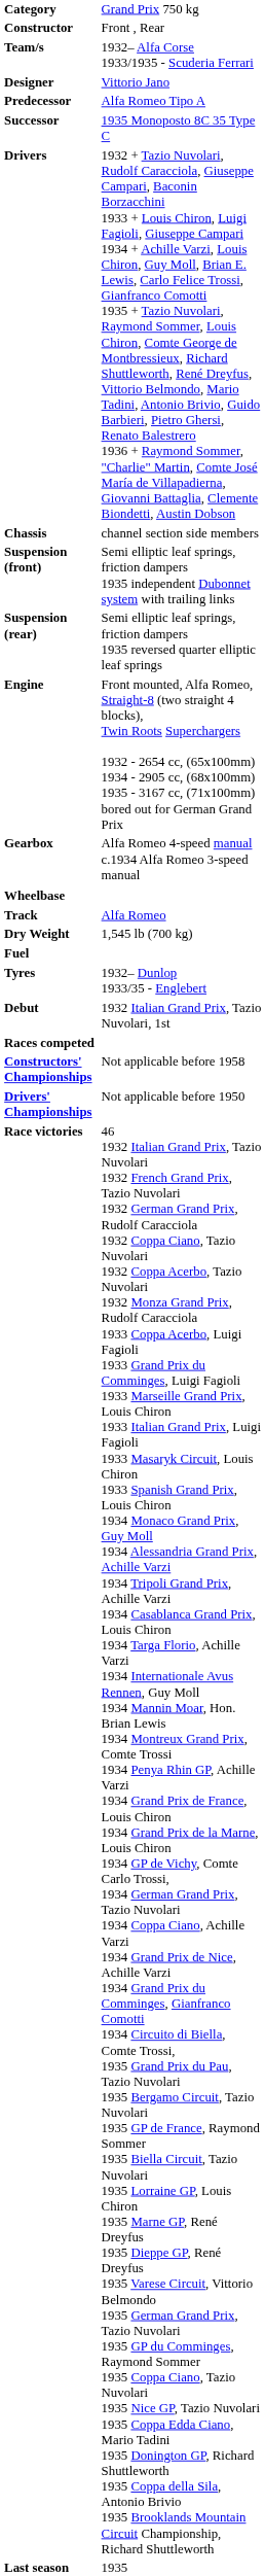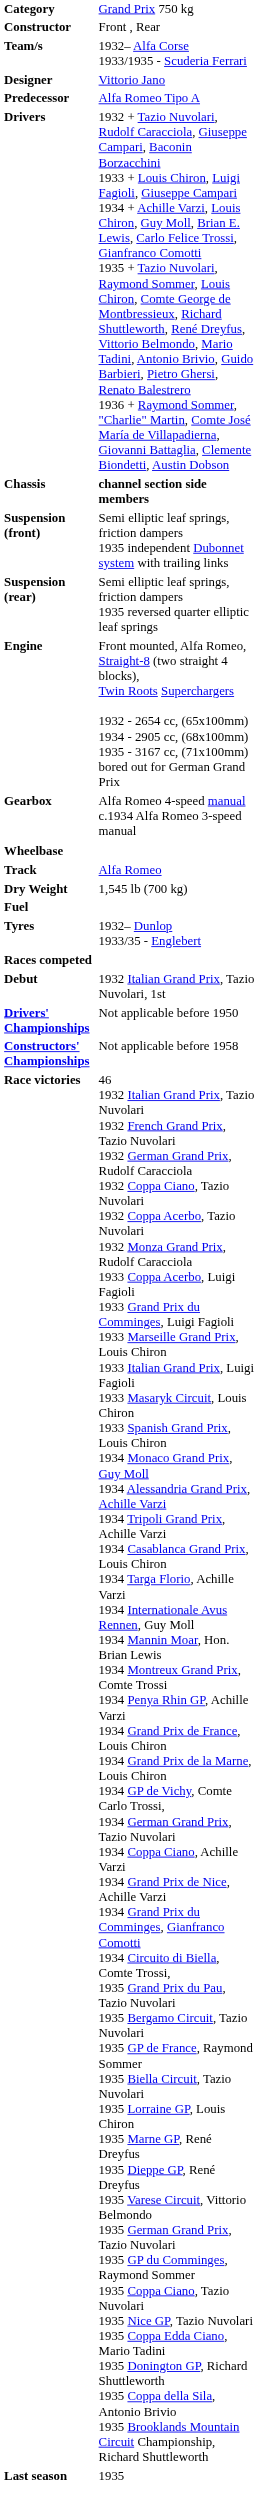 <table class="toccolours" style="float:right; margin-left:1em; width:20em; font-size:90%; text-align:left;">
 <tr style="vertical-align: top;">
 <td colspan="2" style="text-align:center;"></td>
 </tr>
 <tr style="vertical-align: top;">
 </tr>
 <tr style="vertical-align: top;">
 <th>Category</th>
 <td><a href='#'>Grand Prix</a> 750 kg</td>
 </tr>
 <tr style="vertical-align: top;">
 <th>Constructor</th>
 <td>Front , Rear </td>
 </tr>
 <tr style="vertical-align: top;">
 <th>Team/s</th>
 <td>1932– <a href='#'>Alfa Corse</a><br>1933/1935 - <a href='#'>Scuderia Ferrari</a></td>
 </tr>
 <tr style="vertical-align: top;">
 <th>Designer</th>
 <td><a href='#'>Vittorio Jano</a></td>
 </tr>
 <tr style="vertical-align: top;">
 <th>Predecessor</th>
 <td><a href='#'>Alfa Romeo Tipo A</a></td>
 </tr>
 <tr style="vertical-align: top;">
-<th>Successor</th>
-<td><a href='#'>1935 Monoposto 8C 35 Type C</a></td>
-</tr>
-<tr style="vertical-align: top;">
 <th>Drivers</th>
 <td>1932 + <a href='#'>Tazio Nuvolari</a>, <a href='#'>Rudolf Caracciola</a>, <a href='#'>Giuseppe Campari</a>, <a href='#'>Baconin Borzacchini</a><br>1933 + <a href='#'>Louis Chiron</a>, <a href='#'>Luigi Fagioli</a>, <a href='#'>Giuseppe Campari</a><br>1934 + <a href='#'>Achille Varzi</a>, <a href='#'>Louis Chiron</a>, <a href='#'>Guy Moll</a>, <a href='#'>Brian E. Lewis</a>, <a href='#'>Carlo Felice Trossi</a>, <a href='#'>Gianfranco Comotti</a><br>1935 + <a href='#'>Tazio Nuvolari</a>, <a href='#'>Raymond Sommer</a>, <a href='#'>Louis Chiron</a>, <a href='#'>Comte George de Montbressieux</a>, <a href='#'>Richard Shuttleworth</a>, <a href='#'>René Dreyfus</a>, <a href='#'>Vittorio Belmondo</a>, <a href='#'>Mario Tadini</a>, <a href='#'>Antonio Brivio</a>, <a href='#'>Guido Barbieri</a>, <a href='#'>Pietro Ghersi</a>, <a href='#'>Renato Balestrero</a><br>1936 + <a href='#'>Raymond Sommer</a>, <a href='#'>"Charlie" Martin</a>, <a href='#'>Comte José María de Villapadierna</a>, <a href='#'>Giovanni Battaglia</a>, <a href='#'>Clemente Biondetti</a>, <a href='#'>Austin Dobson</a></td>
 </tr>
 <tr style="vertical-align: top;">
 <th>Chassis</th>
-<td>channel section side members</td>
+<td><strong>channel section side members</strong></td>
 </tr>
 <tr style="vertical-align: top;">
 <th>Suspension (front)</th>
 <td>Semi elliptic leaf springs, friction dampers<br>1935 independent <a href='#'>Dubonnet system</a> with trailing links</td>
 </tr>
 <tr style="vertical-align: top;">
 <th>Suspension (rear)</th>
 <td>Semi elliptic leaf springs, friction dampers<br>1935 reversed quarter elliptic leaf springs</td>
 </tr>
 <tr style="vertical-align: top;">
 <th>Engine</th>
 <td>Front mounted, Alfa Romeo,<br><a href='#'>Straight-8</a> (two straight 4 blocks),<br><a href='#'>Twin Roots</a> <a href='#'>Superchargers</a><br><br>1932 - 2654 cc, (65x100mm)<br> 1934 - 2905 cc, (68x100mm)<br> 1935 - 3167 cc, (71x100mm) bored out for German Grand Prix</td>
 </tr>
 <tr style="vertical-align: top;">
 <th>Gearbox</th>
 <td>Alfa Romeo 4-speed <a href='#'>manual</a><br>c.1934 Alfa Romeo 3-speed manual</td>
 </tr>
 <tr style="vertical-align: top;">
 </tr>
 <tr style="vertical-align: top;">
 <th>Wheelbase</th>
 <td></td>
 </tr>
 <tr style="vertical-align: top;">
 <th>Track</th>
 <td><a href='#'>Alfa Romeo</a></td>
 </tr>
 <tr style="vertical-align: top;">
 <th>Dry Weight</th>
 <td>1,545 lb (700 kg)</td>
 </tr>
 <tr style="vertical-align: top;">
 <th>Fuel</th>
 <td></td>
 </tr>
 <tr style="vertical-align: top;">
 <th>Tyres</th>
 <td>1932– <a href='#'>Dunlop</a><br>1933/35 - <a href='#'>Englebert</a></td>
 </tr>
 <tr style="vertical-align: top;">
+<th>Races competed</th>
+<td></td>
+</tr>
+<tr style="vertical-align: top;">
 <th>Debut</th>
 <td>1932 <a href='#'>Italian Grand Prix</a>, Tazio Nuvolari, 1st</td>
 </tr>
 <tr style="vertical-align: top;">
-<th>Races competed</th>
-<td></td>
+<th><a href='#'>Drivers' Championships</a></th>
+<td>Not applicable before 1950</td>
 </tr>
 <tr style="vertical-align: top;">
 <th><a href='#'>Constructors' Championships</a></th>
 <td>Not applicable before 1958</td>
-</tr>
-<tr style="vertical-align: top;">
-<th><a href='#'>Drivers' Championships</a></th>
-<td>Not applicable before 1950</td>
 </tr>
 <tr style="vertical-align: top;">
 <th>Race victories</th>
 <td>46<br>1932 <a href='#'>Italian Grand Prix</a>, Tazio Nuvolari<br>1932 <a href='#'>French Grand Prix</a>, Tazio Nuvolari<br>1932 <a href='#'>German Grand Prix</a>, Rudolf Caracciola<br>1932 <a href='#'>Coppa Ciano</a>, Tazio Nuvolari<br>1932 <a href='#'>Coppa Acerbo</a>, Tazio Nuvolari<br>1932 <a href='#'>Monza Grand Prix</a>, Rudolf Caracciola<br>1933 <a href='#'>Coppa Acerbo</a>, Luigi Fagioli<br>1933 <a href='#'>Grand Prix du Comminges</a>, Luigi Fagioli<br>1933 <a href='#'>Marseille Grand Prix</a>, Louis Chiron<br>1933 <a href='#'>Italian Grand Prix</a>, Luigi Fagioli<br>1933 <a href='#'>Masaryk Circuit</a>, Louis Chiron<br>1933 <a href='#'>Spanish Grand Prix</a>, Louis Chiron<br>1934 <a href='#'>Monaco Grand Prix</a>, <a href='#'>Guy Moll</a><br>1934 <a href='#'>Alessandria Grand Prix</a>, <a href='#'>Achille Varzi</a><br>1934 <a href='#'>Tripoli Grand Prix</a>, Achille Varzi<br>1934 <a href='#'>Casablanca Grand Prix</a>, Louis Chiron<br>1934 <a href='#'>Targa Florio</a>, Achille Varzi<br>1934 <a href='#'>Internationale Avus Rennen</a>, Guy Moll<br>1934 <a href='#'>Mannin Moar</a>, Hon. Brian Lewis<br>1934 <a href='#'>Montreux Grand Prix</a>, Comte Trossi<br>1934 <a href='#'>Penya Rhin GP</a>, Achille Varzi<br>1934 <a href='#'>Grand Prix de France</a>, Louis Chiron<br>1934 <a href='#'>Grand Prix de la Marne</a>, Louis Chiron<br>1934 <a href='#'>GP de Vichy</a>, Comte Carlo Trossi,<br>1934 <a href='#'>German Grand Prix</a>, Tazio Nuvolari<br>1934 <a href='#'>Coppa Ciano</a>, Achille Varzi<br>1934 <a href='#'>Grand Prix de Nice</a>, Achille Varzi<br>1934 <a href='#'>Grand Prix du Comminges</a>, <a href='#'>Gianfranco Comotti</a><br>1934 <a href='#'>Circuito di Biella</a>, Comte Trossi,<br>1935 <a href='#'>Grand Prix du Pau</a>, Tazio Nuvolari<br>1935 <a href='#'>Bergamo Circuit</a>, Tazio Nuvolari<br>1935 <a href='#'>GP de France</a>, Raymond Sommer<br>1935 <a href='#'>Biella Circuit</a>, Tazio Nuvolari<br>1935 <a href='#'>Lorraine GP</a>, Louis Chiron<br>1935 <a href='#'>Marne GP</a>, René Dreyfus<br>1935 <a href='#'>Dieppe GP</a>, René Dreyfus<br>1935 <a href='#'>Varese Circuit</a>, Vittorio Belmondo<br>1935 <a href='#'>German Grand Prix</a>, Tazio Nuvolari<br>1935 <a href='#'>GP du Comminges</a>, Raymond Sommer<br>1935 <a href='#'>Coppa Ciano</a>, Tazio Nuvolari<br>1935 <a href='#'>Nice GP</a>, Tazio Nuvolari<br>1935 <a href='#'>Coppa Edda Ciano</a>,  Mario Tadini<br>1935 <a href='#'>Donington GP</a>, Richard Shuttleworth<br>1935 <a href='#'>Coppa della Sila</a>, Antonio Brivio<br>1935 <a href='#'>Brooklands Mountain Circuit</a> Championship, Richard Shuttleworth</td>
 </tr>
 <tr style="vertical-align: top;">
 <th>Last season</th>
 <td>1935</td>
 </tr>
 </table>
